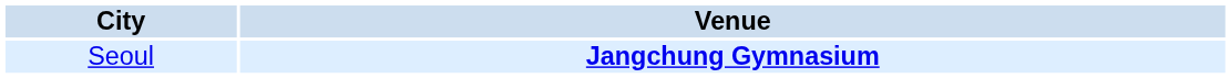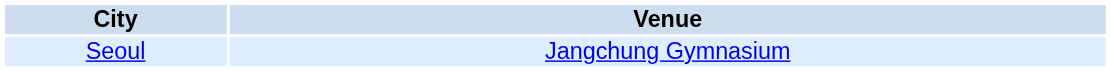 <table width=60%>
 <tr align=center>
 <th bgcolor=#CCDDEE>City</th>
 <th bgcolor=#CCDDEE>Venue</th>
 </tr>
 <tr bgcolor=#DDEEFF align=center>
 <td><a href='#'>Seoul</a></td>
-<td><strong><a href='#'>Jangchung Gymnasium</a></strong></td>
+<td><a href='#'>Jangchung Gymnasium</a></td>
 </tr>
 </table>
